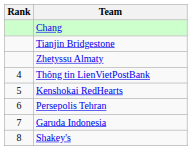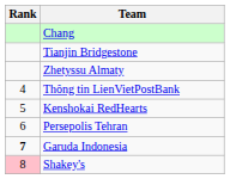 <table class="wikitable" style="text-align: center;">
 <tr>
 <th width=40>Rank</th>
 <th width=240>Team</th>
 </tr>
 <tr bgcolor=#CCFFCC>
 <td></td>
 <td align="left"> <a href='#'>Chang</a></td>
 </tr>
 <tr>
 <td></td>
 <td align="left"> <a href='#'>Tianjin Bridgestone</a></td>
 </tr>
 <tr>
 <td></td>
 <td align="left"> <a href='#'>Zhetyssu Almaty</a></td>
 </tr>
 <tr>
 <td>4</td>
 <td align="left"> <a href='#'>Thông tin LienVietPostBank</a></td>
 </tr>
 <tr>
 <td>5</td>
 <td align="left"> <a href='#'>Kenshokai RedHearts</a></td>
 </tr>
 <tr>
 <td>6</td>
 <td align="left"> <a href='#'>Persepolis Tehran</a></td>
 </tr>
 <tr>
-<td>7</td>
+<td><strong>7</strong></td>
 <td align="left"> <a href='#'>Garuda Indonesia</a></td>
 </tr>
 <tr>
-<td>8</td>
+<td style="background: pink;">8</td>
 <td align="left"> <a href='#'>Shakey's</a></td>
 </tr>
 </table>
